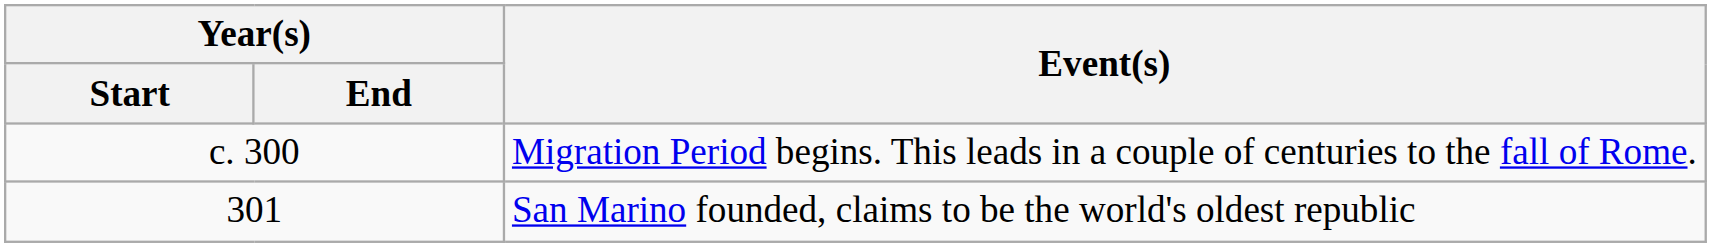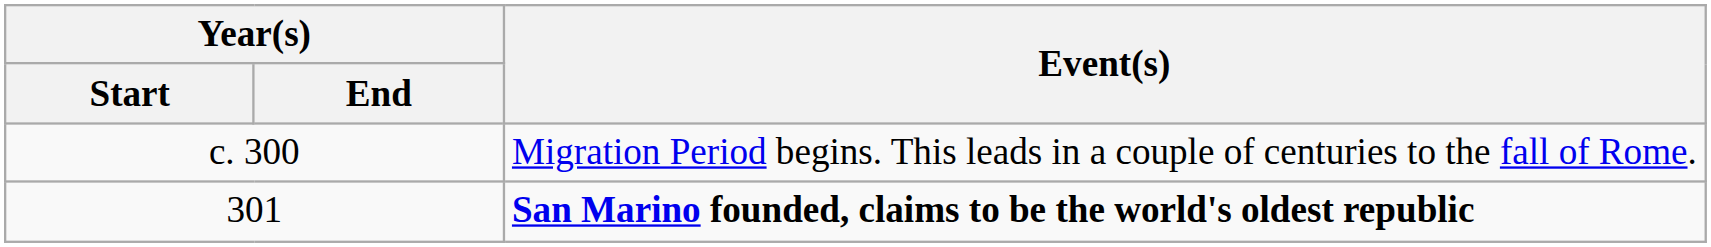 <table class="wikitable">
 <tr>
 <th colspan="2">Year(s)</th>
 <th rowspan="2">Event(s)</th>
 </tr>
 <tr>
 <th style="width:100px;">Start</th>
 <th style="width:100px;">End</th>
 </tr>
 <tr>
 <td colspan="2" style="text-align:center;">c. 300</td>
 <td><a href='#'>Migration Period</a> begins. This leads in a couple of centuries to the <a href='#'>fall of Rome</a>.</td>
 </tr>
 <tr>
 <td colspan="2" style="text-align:center;">301</td>
-<td><a href='#'>San Marino</a> founded, claims to be the world's oldest republic</td>
+<td><strong><a href='#'>San Marino</a> founded, claims to be the world's oldest republic</strong></td>
 </tr>
 </table>
